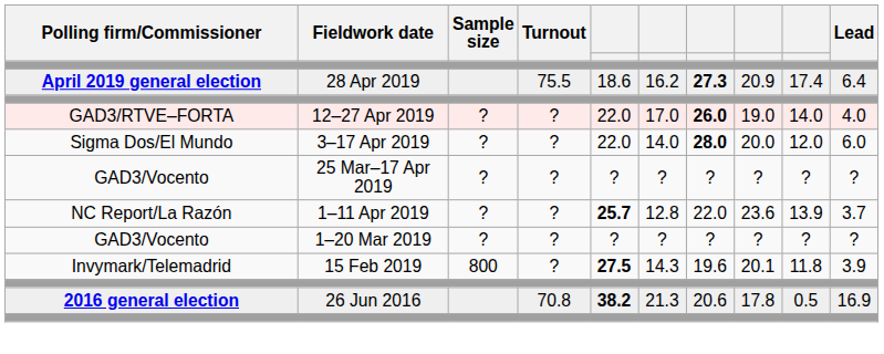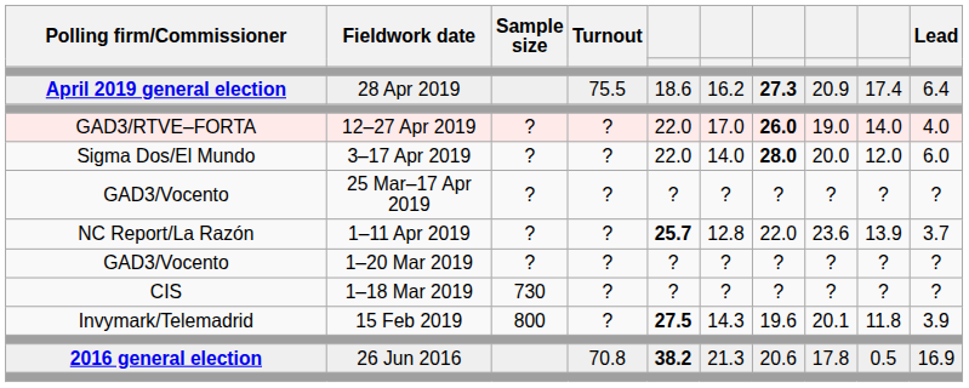 <table class="wikitable collapsible collapsed" style="text-align:center; font-size:95%; line-height:16px;">
 <tr style="height:42px;">
 <th style="width:250px;" rowspan="2">Polling firm/Commissioner</th>
 <th style="width:125px;" rowspan="2">Fieldwork date</th>
 <th style="width:50px;" rowspan="2">Sample size</th>
 <th style="width:45px;" rowspan="2">Turnout</th>
 <th style="width:35px;"></th>
 <th style="width:35px;"></th>
 <th style="width:35px;"></th>
 <th style="width:35px;"></th>
 <th style="width:35px;"></th>
 <th style="width:30px;" rowspan="2">Lead</th>
 </tr>
 <tr>
 <th style="color:inherit;background:"></th>
 <th style="color:inherit;background:"></th>
 <th style="color:inherit;background:"></th>
 <th style="color:inherit;background:"></th>
 <th style="color:inherit;background:"></th>
 </tr>
 <tr>
 <td colspan="10" style="background:#A0A0A0"></td>
 </tr>
 <tr style="background:#EFEFEF;">
 <td><strong><a href='#'>April 2019 general election</a></strong></td>
 <td>28 Apr 2019</td>
 <td></td>
 <td>75.5</td>
 <td>18.6<br></td>
 <td>16.2<br></td>
 <td><strong>27.3</strong><br></td>
 <td>20.9<br></td>
 <td>17.4<br></td>
 <td style="background:">6.4</td>
 </tr>
 <tr>
 <td colspan="10" style="background:#A0A0A0"></td>
 </tr>
 <tr style="background:#FFEAEA;">
 <td>GAD3/RTVE–FORTA</td>
 <td>12–27 Apr 2019</td>
 <td>?</td>
 <td>?</td>
 <td>22.0<br></td>
 <td>17.0<br></td>
 <td><strong>26.0</strong><br></td>
 <td>19.0<br></td>
 <td>14.0<br></td>
 <td style="background:">4.0</td>
 </tr>
 <tr>
 <td>Sigma Dos/El Mundo</td>
 <td>3–17 Apr 2019</td>
 <td>?</td>
 <td>?</td>
 <td>22.0<br></td>
 <td>14.0<br></td>
 <td><strong>28.0</strong><br></td>
 <td>20.0<br></td>
 <td>12.0<br></td>
 <td style="background:">6.0</td>
 </tr>
 <tr>
 <td>GAD3/Vocento</td>
 <td>25 Mar–17 Apr 2019</td>
 <td>?</td>
 <td>?</td>
 <td>?<br></td>
 <td>?<br></td>
 <td>?<br></td>
 <td>?<br></td>
 <td>?<br></td>
 <td style="background:">?</td>
 </tr>
 <tr>
 <td>NC Report/La Razón</td>
 <td>1–11 Apr 2019</td>
 <td>?</td>
 <td>?</td>
 <td><strong>25.7</strong><br></td>
 <td>12.8<br></td>
 <td>22.0<br></td>
 <td>23.6<br></td>
 <td>13.9<br></td>
 <td style="background:">3.7</td>
 </tr>
 <tr>
 <td>GAD3/Vocento</td>
 <td>1–20 Mar 2019</td>
 <td>?</td>
 <td>?</td>
 <td>?<br></td>
 <td>?<br></td>
 <td>?<br></td>
 <td>?<br></td>
 <td>?<br></td>
 <td style="background:">?</td>
 </tr>
 <tr>
+<td>CIS</td>
+<td>1–18 Mar 2019</td>
+<td>730</td>
+<td>?</td>
+<td>?<br></td>
+<td>?<br></td>
+<td>?<br></td>
+<td>?<br></td>
+<td>?<br></td>
+<td style="background:">?</td>
+</tr>
+<tr>
 <td>Invymark/Telemadrid</td>
 <td>15 Feb 2019</td>
 <td>800</td>
 <td>?</td>
 <td><strong>27.5</strong><br></td>
 <td>14.3<br></td>
 <td>19.6<br></td>
 <td>20.1<br></td>
 <td>11.8<br></td>
 <td style="background:">3.9</td>
 </tr>
 <tr>
 <td colspan="10" style="background:#A0A0A0"></td>
 </tr>
 <tr style="background:#EFEFEF;">
 <td><strong><a href='#'>2016 general election</a></strong></td>
 <td>26 Jun 2016</td>
 <td></td>
 <td>70.8</td>
 <td><strong>38.2</strong><br></td>
 <td>21.3<br></td>
 <td>20.6<br></td>
 <td>17.8<br></td>
 <td>0.5<br></td>
 <td style="background:">16.9</td>
 </tr>
 <tr>
 <td colspan="10" style="background:#A0A0A0"></td>
 </tr>
 </table>
